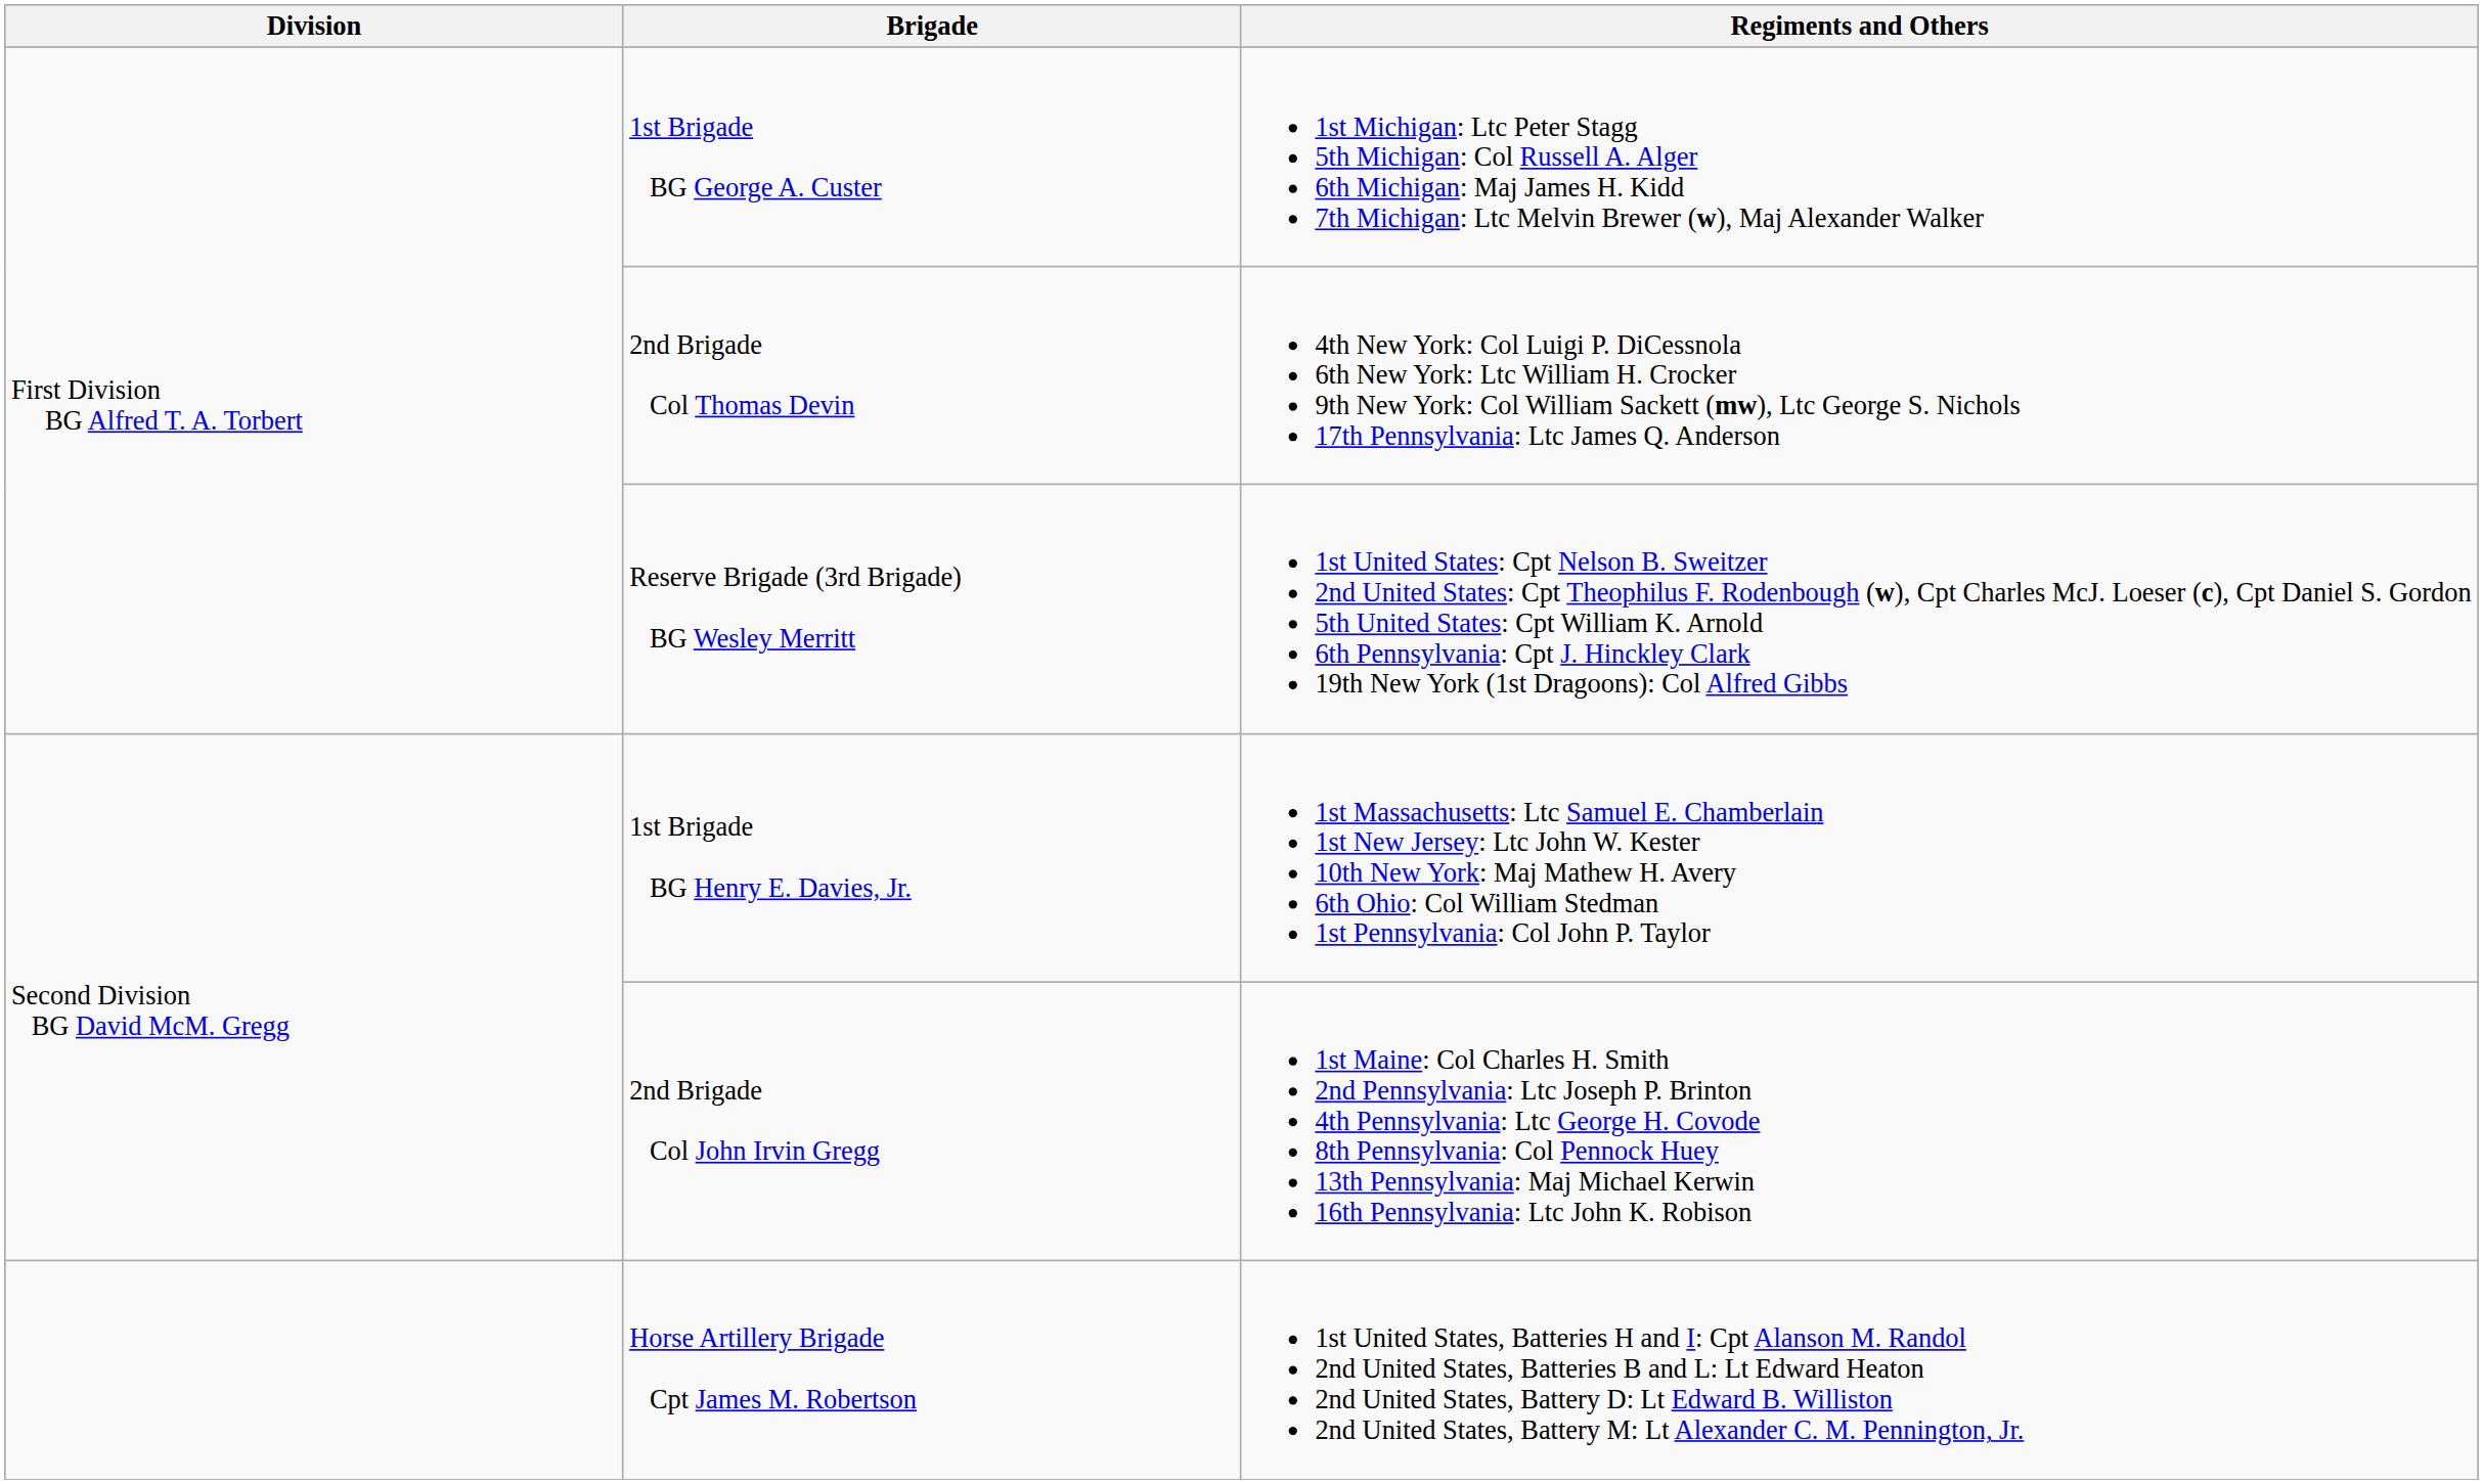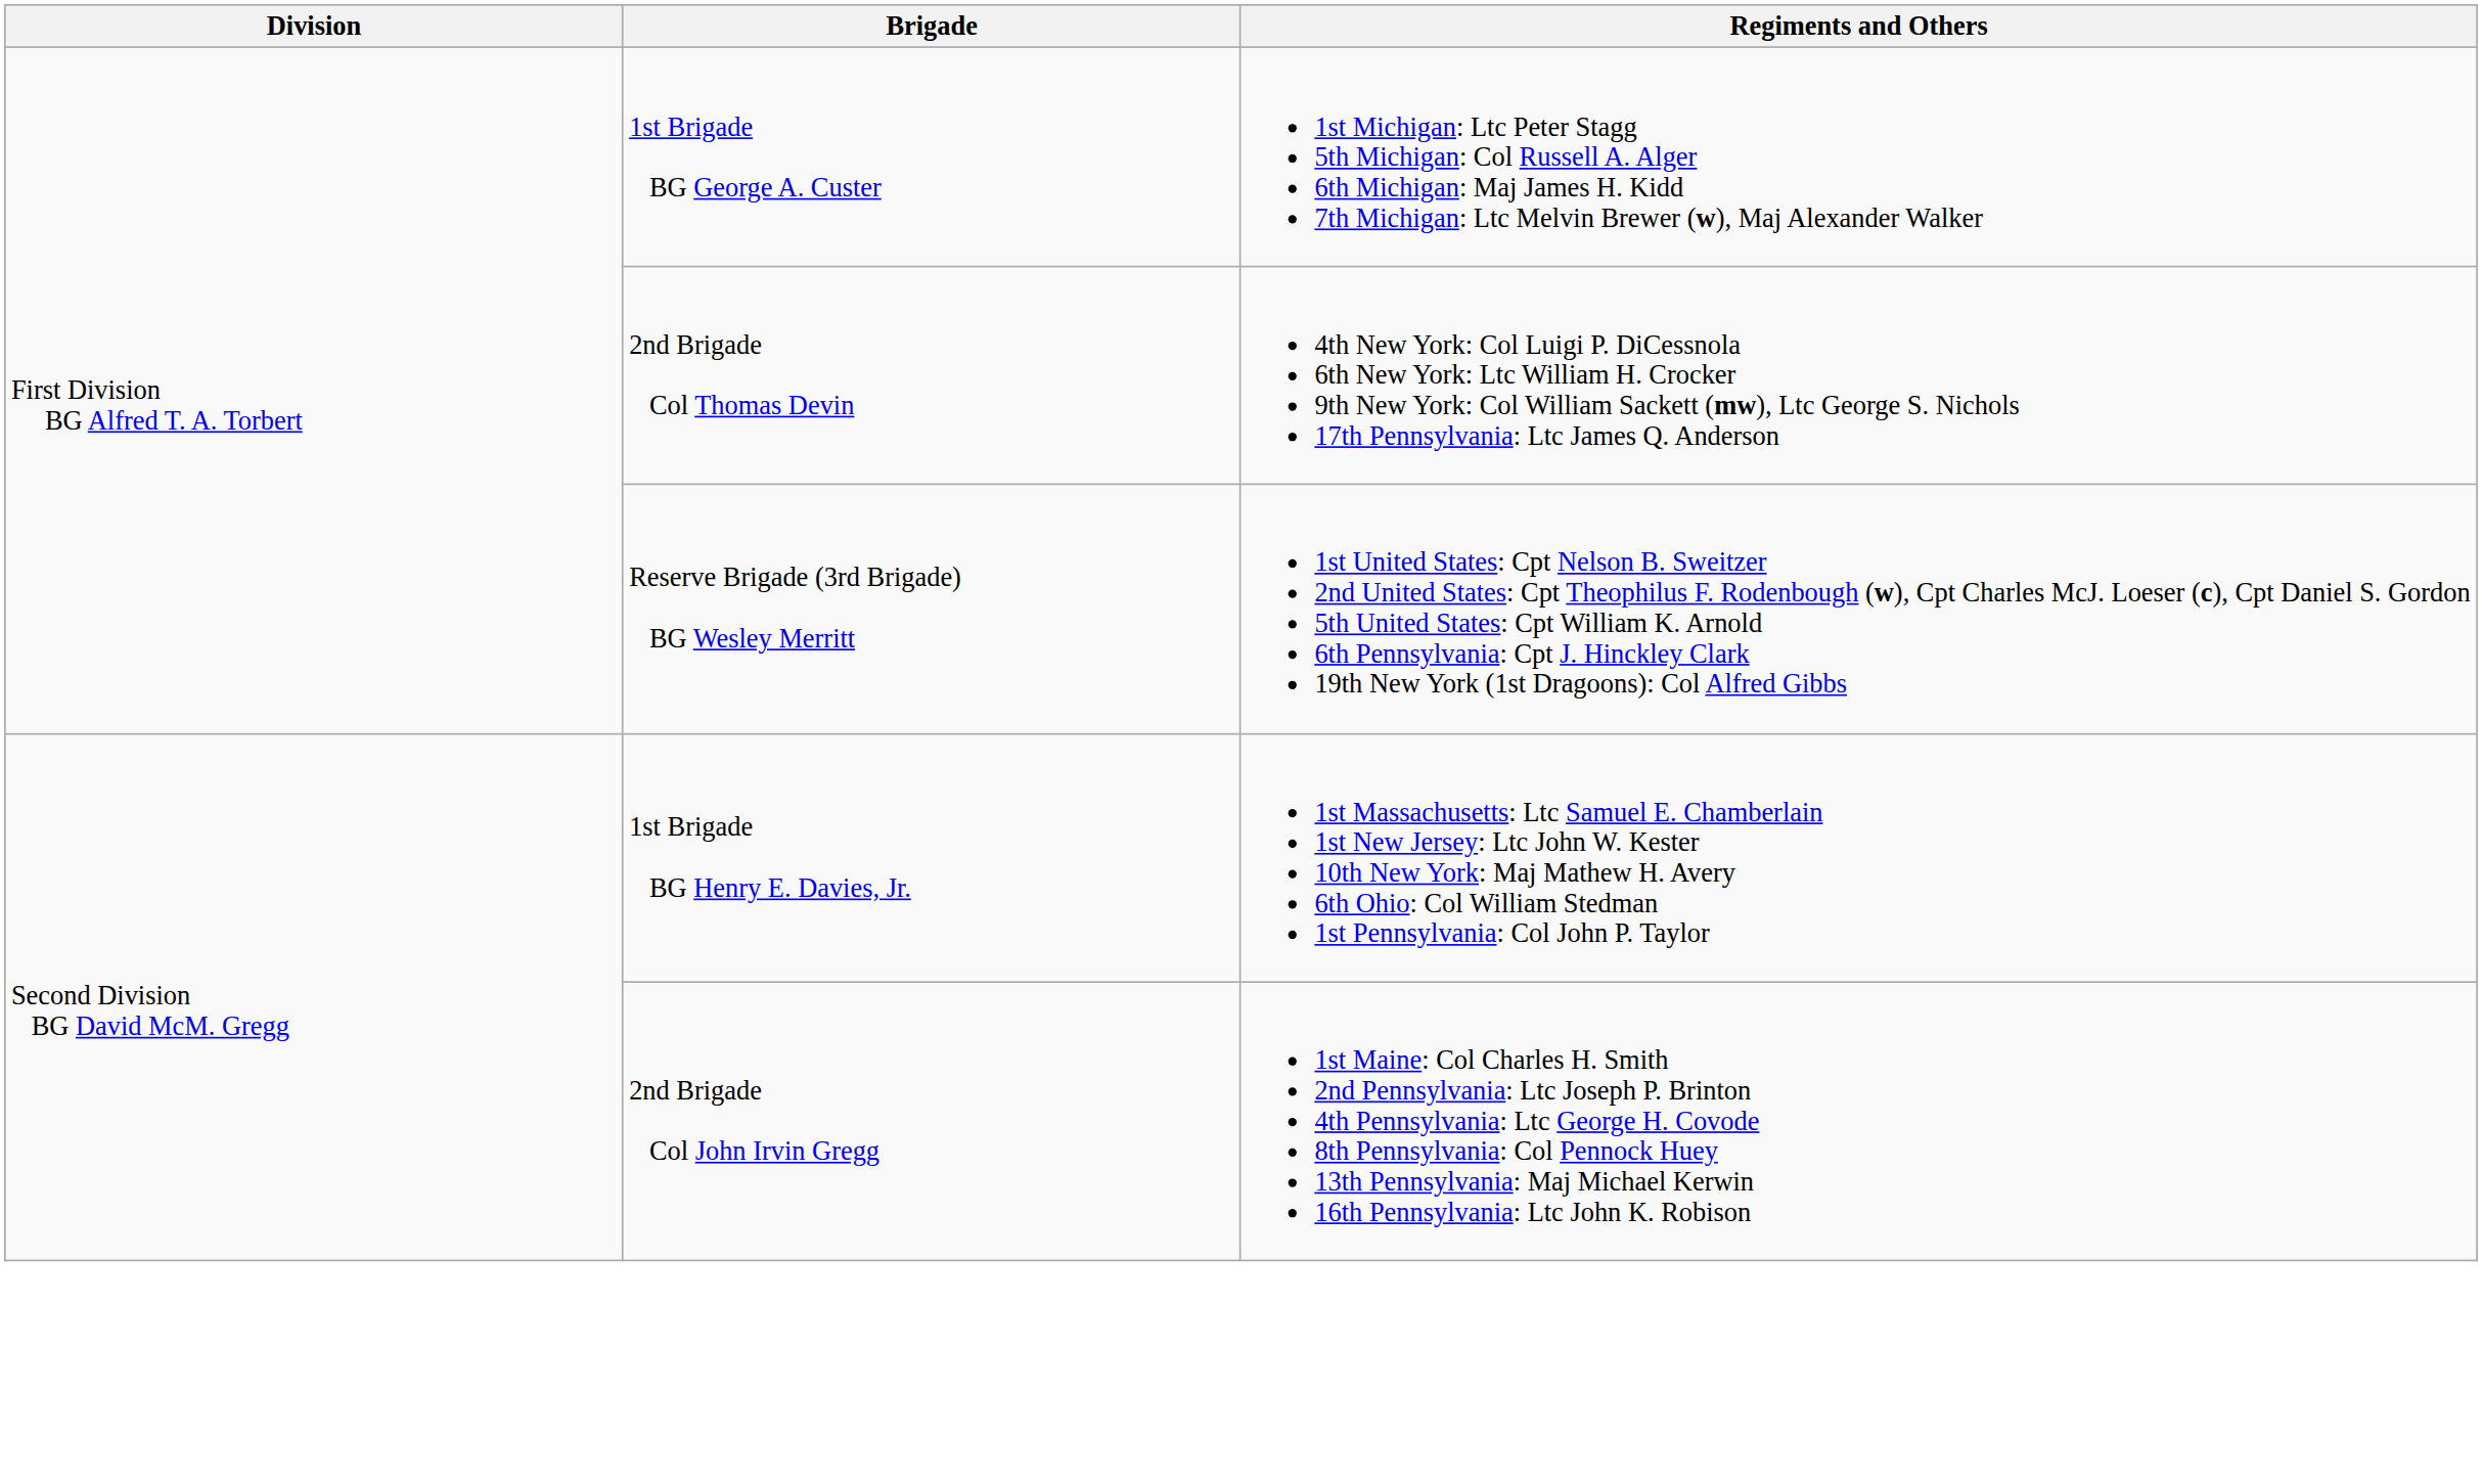 <table class="wikitable">
 <tr>
 <th width=25%>Division</th>
 <th width=25%>Brigade</th>
 <th>Regiments and Others</th>
 </tr>
 <tr>
 <td rowspan=3><br>First Division <br>     BG <a href='#'>Alfred T. A. Torbert</a></td>
 <td><a href='#'>1st Brigade</a><br><br>   BG <a href='#'>George A. Custer</a></td>
 <td><br><ul><li><a href='#'>1st Michigan</a>: Ltc Peter Stagg</li><li><a href='#'>5th Michigan</a>: Col <a href='#'>Russell A. Alger</a></li><li><a href='#'>6th Michigan</a>: Maj James H. Kidd</li><li><a href='#'>7th Michigan</a>: Ltc Melvin Brewer (<strong>w</strong>), Maj Alexander Walker</li></ul></td>
 </tr>
 <tr>
 <td>2nd Brigade<br><br>   Col <a href='#'>Thomas Devin</a></td>
 <td><br><ul><li>4th New York: Col Luigi P. DiCessnola</li><li>6th New York: Ltc William H. Crocker</li><li>9th New York: Col William Sackett (<strong>mw</strong>), Ltc George S. Nichols</li><li><a href='#'>17th Pennsylvania</a>: Ltc James Q. Anderson</li></ul></td>
 </tr>
 <tr>
 <td>Reserve Brigade (3rd Brigade)<br><br>   BG <a href='#'>Wesley Merritt</a></td>
 <td><br><ul><li><a href='#'>1st United States</a>: Cpt <a href='#'>Nelson B. Sweitzer</a></li><li><a href='#'>2nd United States</a>: Cpt <a href='#'>Theophilus F. Rodenbough</a> (<strong>w</strong>), Cpt Charles McJ. Loeser (<strong>c</strong>), Cpt Daniel S. Gordon</li><li><a href='#'>5th United States</a>: Cpt William K. Arnold</li><li><a href='#'>6th Pennsylvania</a>: Cpt <a href='#'>J. Hinckley Clark</a></li><li>19th New York (1st Dragoons): Col <a href='#'>Alfred Gibbs</a></li></ul></td>
 </tr>
 <tr>
 <td rowspan=2><br>Second Division <br>   BG <a href='#'>David McM. Gregg</a></td>
 <td>1st Brigade<br><br>   BG <a href='#'>Henry E. Davies, Jr.</a></td>
 <td><br><ul><li><a href='#'>1st Massachusetts</a>: Ltc <a href='#'>Samuel E. Chamberlain</a></li><li><a href='#'>1st New Jersey</a>: Ltc John W. Kester</li><li><a href='#'>10th New York</a>: Maj Mathew H. Avery</li><li><a href='#'>6th Ohio</a>: Col William Stedman</li><li><a href='#'>1st Pennsylvania</a>: Col John P. Taylor</li></ul></td>
 </tr>
 <tr>
 <td>2nd Brigade<br><br>   Col <a href='#'>John Irvin Gregg</a></td>
 <td><br><ul><li><a href='#'>1st Maine</a>: Col Charles H. Smith</li><li><a href='#'>2nd Pennsylvania</a>: Ltc Joseph P. Brinton</li><li><a href='#'>4th Pennsylvania</a>: Ltc <a href='#'>George H. Covode</a></li><li><a href='#'>8th Pennsylvania</a>: Col <a href='#'>Pennock Huey</a></li><li><a href='#'>13th Pennsylvania</a>: Maj Michael Kerwin</li><li><a href='#'>16th Pennsylvania</a>: Ltc John K. Robison</li></ul></td>
 </tr>
-<tr>
-<td></td>
-<td><a href='#'>Horse Artillery Brigade</a><br><br>   Cpt <a href='#'>James M. Robertson</a></td>
-<td><br><ul><li>1st United States, Batteries H and <a href='#'>I</a>: Cpt <a href='#'>Alanson M. Randol</a></li><li>2nd United States, Batteries B and L: Lt Edward Heaton</li><li>2nd United States, Battery D: Lt <a href='#'>Edward B. Williston</a></li><li>2nd United States, Battery M: Lt <a href='#'>Alexander C. M. Pennington, Jr.</a></li></ul></td>
-</tr>
 </table>
